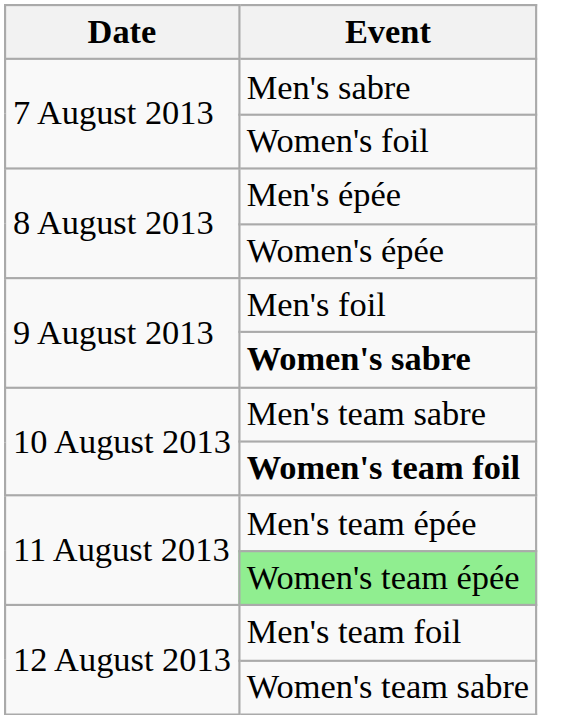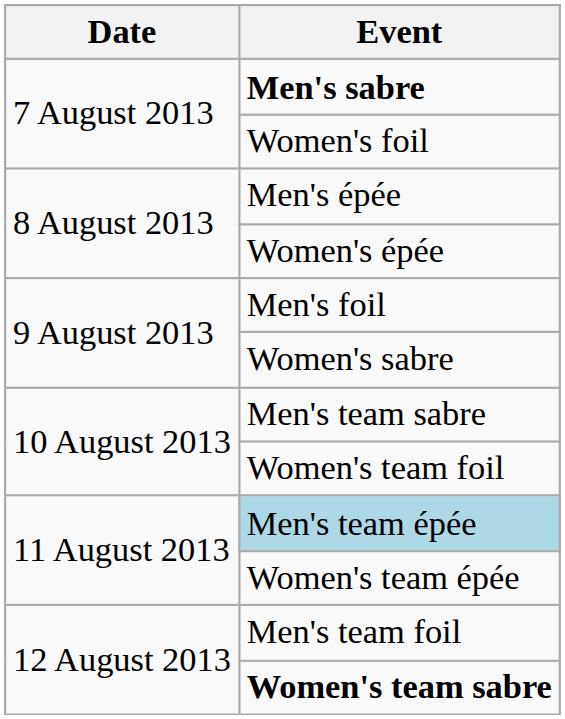 <table class="wikitable">
 <tr>
 <th>Date</th>
 <th>Event</th>
 </tr>
 <tr>
 <td rowspan=2>7 August 2013</td>
-<td>Men's sabre</td>
+<td><strong>Men's sabre</strong></td>
 </tr>
 <tr>
 <td>Women's foil</td>
 </tr>
 <tr>
 <td rowspan=2>8 August 2013</td>
 <td>Men's épée</td>
 </tr>
 <tr>
 <td>Women's épée</td>
 </tr>
 <tr>
 <td rowspan=2>9 August 2013</td>
 <td>Men's foil</td>
 </tr>
 <tr>
-<td><strong>Women's sabre</strong></td>
+<td>Women's sabre</td>
 </tr>
 <tr>
 <td rowspan=2>10 August 2013</td>
 <td>Men's team sabre</td>
 </tr>
 <tr>
-<td><strong>Women's team foil</strong></td>
+<td>Women's team foil</td>
 </tr>
 <tr>
 <td rowspan=2>11 August 2013</td>
-<td>Men's team épée</td>
+<td style="background: lightblue;">Men's team épée</td>
 </tr>
 <tr>
-<td style="background: lightgreen;">Women's team épée</td>
+<td>Women's team épée</td>
 </tr>
 <tr>
 <td rowspan=2>12 August 2013</td>
 <td>Men's team foil</td>
 </tr>
 <tr>
-<td>Women's team sabre</td>
+<td><strong>Women's team sabre</strong></td>
 </tr>
 </table>
